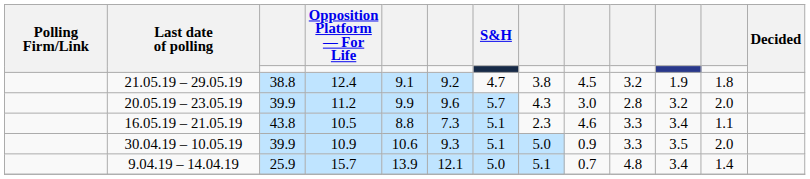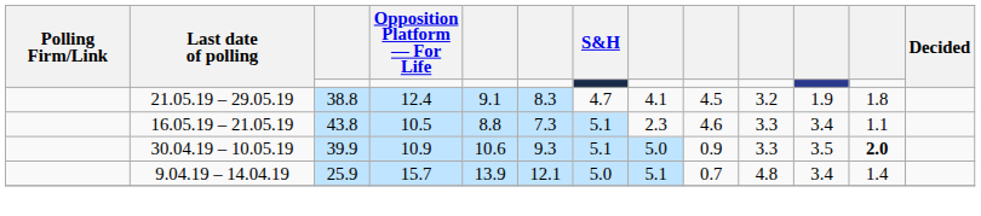 <table class="wikitable" style="text-align:center;font-size:95%;line-height:14px;">
 <tr style="height:40px; background-color:#E9E9E9">
 <th style="width:99px;" rowspan=2>Polling Firm/Link</th>
 <th style="width:150px;" rowspan=2>Last date<br>of polling</th>
 <th style="width:40px;"></th>
 <th style="width:40px;"><a href='#'>Opposition Platform — For Life</a></th>
 <th style="width:40px;"></th>
 <th style="width:40px;"></th>
 <th style="width:40px;"><a href='#'>S&H</a></th>
 <th style="width:40px;"></th>
 <th style="width:40px;"></th>
 <th style="width:40px;"></th>
 <th style="width:40px;"></th>
 <th style="width:40px;"></th>
 <th style="width:40px;" rowspan=2>Decided</th>
 </tr>
 <tr>
 <td style="background:"></td>
 <td style="background:"></td>
 <td style="background:"></td>
 <td style="background:"></td>
 <td style="background:#172A47"  ></td>
 <td style="background:"></td>
 <td style="background:"></td>
 <td style="background:"></td>
 <td style="background:#29388B" ></td>
 <td style="background:"></td>
 </tr>
 <tr>
 <td></td>
 <td>21.05.19 – 29.05.19</td>
 <td bgcolor="#bfe4ff" >38.8</td>
 <td bgcolor="#bfe4ff" >12.4</td>
 <td bgcolor="#bfe4ff" >9.1</td>
-<td bgcolor="#bfe4ff" >9.2</td>
+<td bgcolor="#bfe4ff" >8.3</td>
 <td>4.7</td>
-<td>3.8</td>
+<td>4.1</td>
 <td>4.5</td>
 <td>3.2</td>
 <td>1.9</td>
 <td>1.8</td>
-<td></td>
-</tr>
-<tr>
-<td></td>
-<td>20.05.19 – 23.05.19</td>
-<td bgcolor="#bfe4ff" >39.9</td>
-<td bgcolor="#bfe4ff" >11.2</td>
-<td bgcolor="#bfe4ff" >9.9</td>
-<td bgcolor="#bfe4ff" >9.6</td>
-<td bgcolor="#bfe4ff" >5.7</td>
-<td>4.3</td>
-<td>3.0</td>
-<td>2.8</td>
-<td>3.2</td>
-<td>2.0</td>
 <td></td>
 </tr>
 <tr>
 <td></td>
 <td>16.05.19 – 21.05.19</td>
 <td bgcolor="#bfe4ff" >43.8</td>
 <td bgcolor="#bfe4ff" >10.5</td>
 <td bgcolor="#bfe4ff" >8.8</td>
 <td bgcolor="#bfe4ff" >7.3</td>
 <td bgcolor="#bfe4ff" >5.1</td>
 <td>2.3</td>
 <td>4.6</td>
 <td>3.3</td>
 <td>3.4</td>
 <td>1.1</td>
 <td></td>
 </tr>
 <tr>
 <td></td>
 <td>30.04.19 – 10.05.19</td>
 <td bgcolor="#bfe4ff" >39.9</td>
 <td bgcolor="#bfe4ff" >10.9</td>
 <td bgcolor="#bfe4ff" >10.6</td>
 <td bgcolor="#bfe4ff" >9.3</td>
 <td bgcolor="#bfe4ff" >5.1</td>
 <td bgcolor="#bfe4ff" >5.0</td>
 <td>0.9</td>
 <td>3.3</td>
 <td>3.5</td>
-<td>2.0</td>
+<td><strong>2.0</strong></td>
 <td></td>
 </tr>
 <tr>
 <td></td>
 <td>9.04.19 – 14.04.19</td>
 <td bgcolor="#bfe4ff" >25.9</td>
 <td bgcolor="#bfe4ff" >15.7</td>
 <td bgcolor="#bfe4ff" >13.9</td>
 <td bgcolor="#bfe4ff" >12.1</td>
 <td bgcolor="#bfe4ff" >5.0</td>
 <td bgcolor="#bfe4ff" >5.1</td>
 <td>0.7</td>
 <td>4.8</td>
 <td>3.4</td>
 <td>1.4</td>
 <td></td>
 </tr>
 <tr>
 </tr>
 </table>
